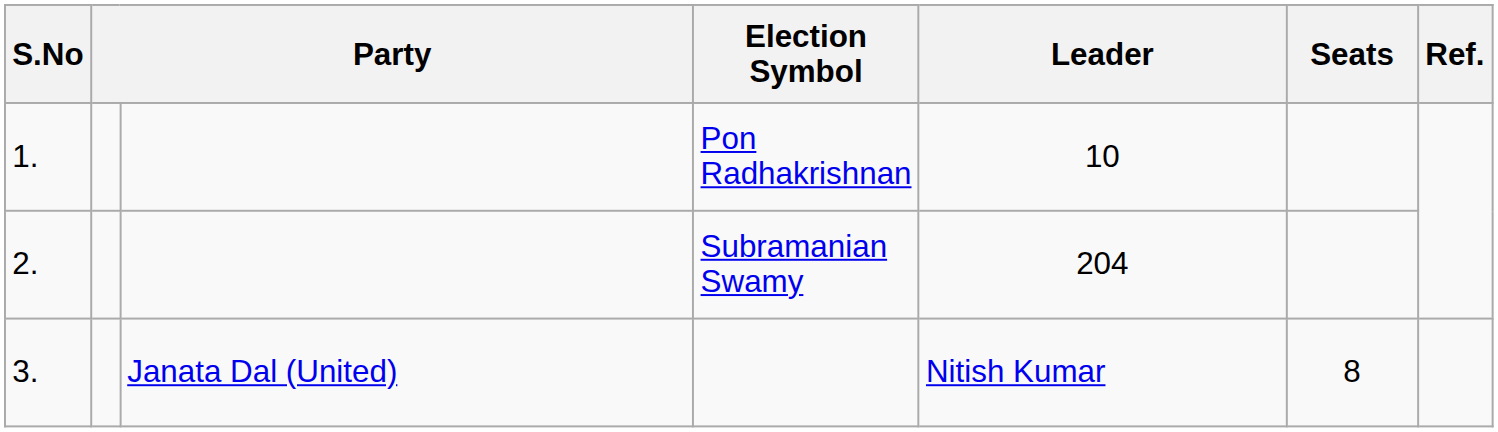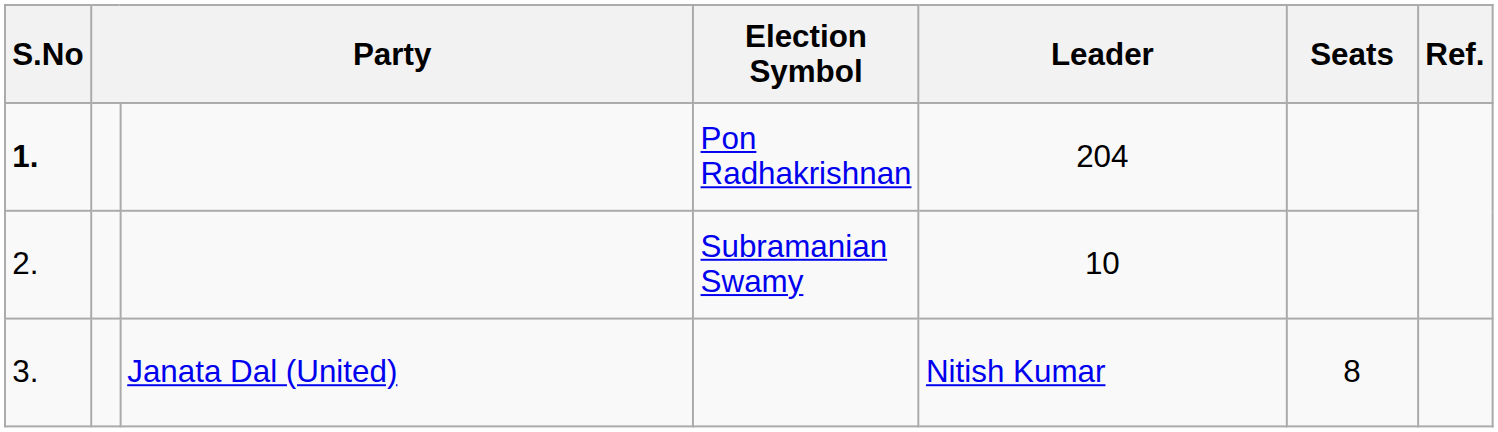 <table class="wikitable">
 <tr style="height: 50px;">
 <th>S.No</th>
 <th scope="col" style="width:300px;"colspan="2">Party</th>
 <th scope="col" style="width:80px;">Election Symbol</th>
 <th scope="col" style="width:180px;">Leader</th>
 <th scope="col" style="width:60px;">Seats</th>
 <th scope="col" style="width:30px;">Ref.</th>
 </tr>
 <tr style="height: 55px;">
-<td>1.</td>
+<td><strong>1.</strong></td>
 <td></td>
 <td style="text-align:center;"></td>
 <td><a href='#'>Pon Radhakrishnan</a></td>
-<td style="text-align:center;">10</td>
+<td style="text-align:center;">204</td>
 <td style="text-align:center;"></td>
 </tr>
 <tr style="height: 55px;">
 <td>2.</td>
 <td></td>
 <td style="text-align:center;"></td>
 <td><a href='#'>Subramanian Swamy</a></td>
-<td style="text-align:center;">204</td>
+<td style="text-align:center;">10</td>
 <td style="text-align:center;"></td>
 </tr>
 <tr style="height: 55px;">
 <td>3.</td>
 <td></td>
 <td><a href='#'>Janata Dal (United)</a></td>
 <td style="text-align:center;"></td>
 <td><a href='#'>Nitish Kumar</a></td>
 <td style="text-align:center;">8</td>
 <td></td>
 </tr>
 </table>
